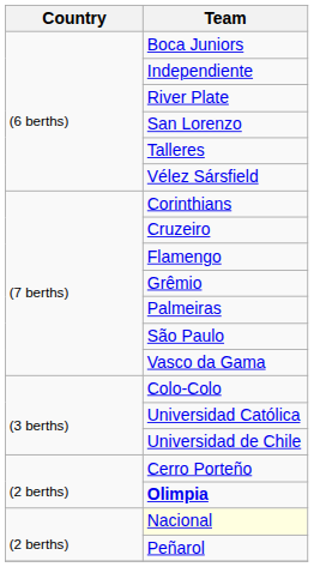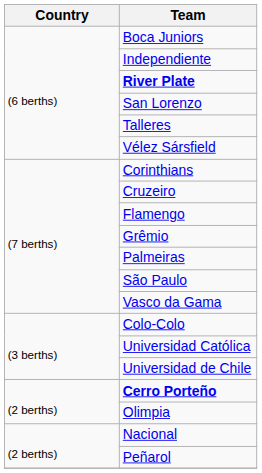 <table class="wikitable">
 <tr>
 <th width=125>Country</th>
 <th width=150>Team</th>
 </tr>
 <tr>
 <td rowspan="6"><br><small>(6 berths)</small></td>
 <td><a href='#'>Boca Juniors</a></td>
 </tr>
 <tr>
 <td><a href='#'>Independiente</a></td>
 </tr>
 <tr>
-<td><a href='#'>River Plate</a></td>
+<td><strong><a href='#'>River Plate</a></strong></td>
 </tr>
 <tr>
 <td><a href='#'>San Lorenzo</a></td>
 </tr>
 <tr>
 <td><a href='#'>Talleres</a></td>
 </tr>
 <tr>
 <td><a href='#'>Vélez Sársfield</a></td>
 </tr>
 <tr>
 <td rowspan="7"><br><small>(7 berths)</small></td>
 <td><a href='#'>Corinthians</a></td>
 </tr>
 <tr>
 <td><a href='#'>Cruzeiro</a></td>
 </tr>
 <tr>
 <td><a href='#'>Flamengo</a></td>
 </tr>
 <tr>
 <td><a href='#'>Grêmio</a></td>
 </tr>
 <tr>
 <td><a href='#'>Palmeiras</a></td>
 </tr>
 <tr>
 <td><a href='#'>São Paulo</a></td>
 </tr>
 <tr>
 <td><a href='#'>Vasco da Gama</a></td>
 </tr>
 <tr>
 <td rowspan="3"><br><small>(3 berths)</small></td>
 <td><a href='#'>Colo-Colo</a></td>
 </tr>
 <tr>
 <td><a href='#'>Universidad Católica</a></td>
 </tr>
 <tr>
 <td><a href='#'>Universidad de Chile</a></td>
 </tr>
 <tr>
 <td rowspan="2"><br><small>(2 berths)</small></td>
-<td><a href='#'>Cerro Porteño</a></td>
+<td><strong><a href='#'>Cerro Porteño</a></strong></td>
 </tr>
 <tr>
-<td><strong><a href='#'>Olimpia</a></strong></td>
+<td><a href='#'>Olimpia</a></td>
 </tr>
 <tr>
 <td rowspan="2"><br><small>(2 berths)</small></td>
-<td style="background: lightyellow;"><a href='#'>Nacional</a></td>
+<td><a href='#'>Nacional</a></td>
 </tr>
 <tr>
 <td><a href='#'>Peñarol</a></td>
 </tr>
 <tr>
 </tr>
 </table>
